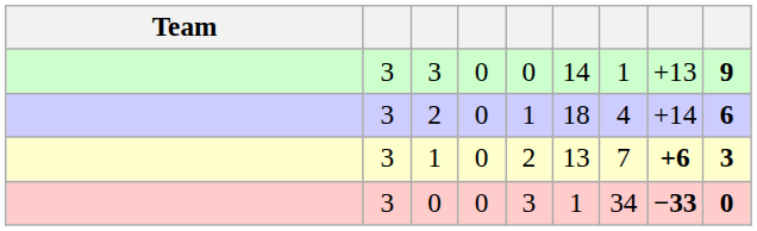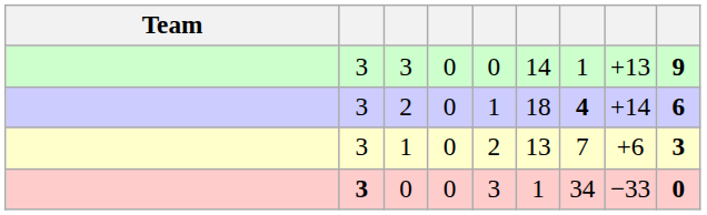 <table class="wikitable" style="text-align: center;">
 <tr>
 <th width=200>Team</th>
 <th width=20></th>
 <th width=20></th>
 <th width=20></th>
 <th width=20></th>
 <th width=20></th>
 <th width=20></th>
 <th width=20></th>
 <th width=20></th>
 </tr>
 <tr style="background:#ccffcc;">
 <td style="text-align:left;"></td>
 <td>3</td>
 <td>3</td>
 <td>0</td>
 <td>0</td>
 <td>14</td>
 <td>1</td>
 <td>+13</td>
 <td><strong>9</strong></td>
 </tr>
 <tr style="background:#ccccff;">
 <td style="text-align:left;"></td>
 <td>3</td>
 <td>2</td>
 <td>0</td>
 <td>1</td>
 <td>18</td>
-<td>4</td>
+<td><strong>4</strong></td>
 <td>+14</td>
 <td><strong>6</strong></td>
 </tr>
 <tr style="background:#ffffcc;">
 <td style="text-align:left;"></td>
 <td>3</td>
 <td>1</td>
 <td>0</td>
 <td>2</td>
 <td>13</td>
 <td>7</td>
-<td><strong>+6</strong></td>
+<td>+6</td>
 <td><strong>3</strong></td>
 </tr>
 <tr style="background:#ffcccc;">
 <td style="text-align:left;"></td>
-<td>3</td>
+<td><strong>3</strong></td>
 <td>0</td>
 <td>0</td>
 <td>3</td>
 <td>1</td>
 <td>34</td>
-<td><strong>−33</strong></td>
+<td>−33</td>
 <td><strong>0</strong></td>
 </tr>
 </table>
